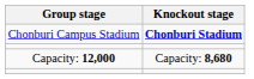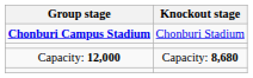 <table class="wikitable" style="text-align:center">
 <tr>
 <th>Group stage</th>
 <th>Knockout stage</th>
 </tr>
 <tr>
-<td><a href='#'>Chonburi Campus Stadium</a></td>
-<td><strong><a href='#'>Chonburi Stadium</a></strong></td>
+<td><strong><a href='#'>Chonburi Campus Stadium</a></strong></td>
+<td><a href='#'>Chonburi Stadium</a></td>
 </tr>
 <tr>
 <td></td>
 <td></td>
 </tr>
 <tr>
 <td>Capacity: <strong>12,000</strong></td>
 <td>Capacity: <strong>8,680</strong></td>
 </tr>
 <tr>
 <td></td>
 <td></td>
 </tr>
 </table>
